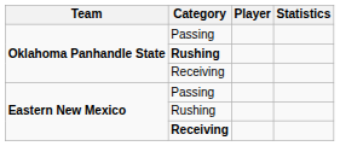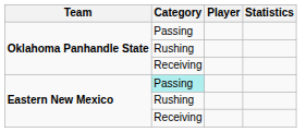 <table class="wikitable" style="float: left;">
 <tr>
 <th>Team</th>
 <th>Category</th>
 <th>Player</th>
 <th>Statistics</th>
 </tr>
 <tr>
 <td rowspan=3><strong>Oklahoma Panhandle State</strong></td>
 <td>Passing</td>
 <td></td>
 <td></td>
 </tr>
 <tr>
-<td><strong>Rushing</strong></td>
+<td>Rushing</td>
 <td></td>
 <td></td>
 </tr>
 <tr>
 <td>Receiving</td>
 <td></td>
 <td></td>
 </tr>
 <tr>
 <td rowspan=3><strong>Eastern New Mexico</strong></td>
-<td>Passing</td>
+<td style="background: paleturquoise;">Passing</td>
 <td></td>
 <td></td>
 </tr>
 <tr>
 <td>Rushing</td>
 <td></td>
 <td></td>
 </tr>
 <tr>
-<td><strong>Receiving</strong></td>
+<td>Receiving</td>
 <td></td>
 <td></td>
 </tr>
 </table>
